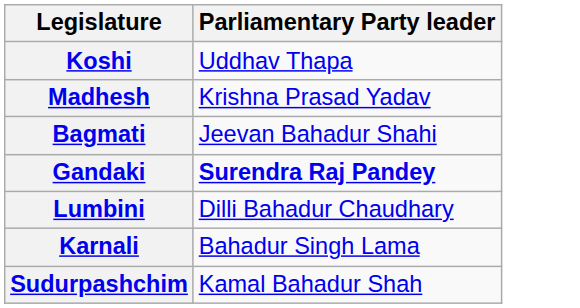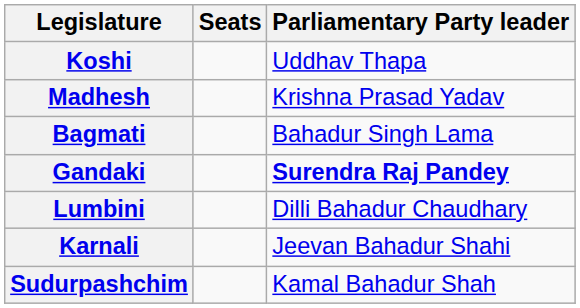 <table class="wikitable">
 <tr>
 <th style="background-color:">Legislature</th>
+<th style="background-color:">Seats</th>
 <th style="background-color:">Parliamentary Party leader</th>
 </tr>
 <tr>
 <th><a href='#'>Koshi</a></th>
+<td></td>
 <td><a href='#'>Uddhav Thapa</a></td>
 </tr>
 <tr>
 <th><a href='#'>Madhesh</a></th>
+<td></td>
 <td><a href='#'>Krishna Prasad Yadav</a></td>
 </tr>
 <tr>
 <th><a href='#'>Bagmati</a></th>
-<td><a href='#'>Jeevan Bahadur Shahi</a></td>
+<td></td>
+<td><a href='#'>Bahadur Singh Lama</a></td>
 </tr>
 <tr>
 <th><a href='#'>Gandaki</a></th>
+<td></td>
 <td><strong><a href='#'>Surendra Raj Pandey</a></strong></td>
 </tr>
 <tr>
 <th><a href='#'>Lumbini</a></th>
+<td></td>
 <td><a href='#'>Dilli Bahadur Chaudhary</a></td>
 </tr>
 <tr>
 <th><a href='#'>Karnali</a></th>
-<td><a href='#'>Bahadur Singh Lama</a></td>
+<td></td>
+<td><a href='#'>Jeevan Bahadur Shahi</a></td>
 </tr>
 <tr>
 <th><a href='#'>Sudurpashchim</a></th>
+<td></td>
 <td><a href='#'>Kamal Bahadur Shah</a></td>
 </tr>
 </table>
